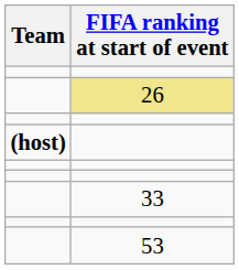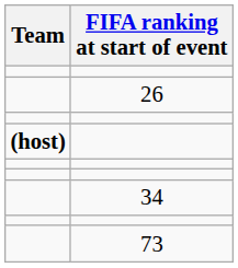 <table class="wikitable sortable" style="text-align:left;">
 <tr>
 <th>Team</th>
 <th><a href='#'>FIFA ranking</a><br>at start of event</th>
 </tr>
 <tr>
 <td></td>
 <td align=center></td>
 </tr>
 <tr>
 <td></td>
-<td align=center style="background: khaki;">26</td>
+<td align=center>26</td>
 </tr>
 <tr>
 <td></td>
 <td align=center></td>
 </tr>
 <tr>
 <td><strong> (host)</strong></td>
 <td align=center></td>
 </tr>
 <tr>
 <td></td>
 <td align=center></td>
 </tr>
 <tr>
 <td></td>
 <td align=center></td>
 </tr>
 <tr>
 <td></td>
-<td align=center>33</td>
+<td align=center>34</td>
 </tr>
 <tr>
 <td></td>
 <td align=center></td>
 </tr>
 <tr>
 <td></td>
-<td align=center>53</td>
+<td align=center>73</td>
 </tr>
 </table>
